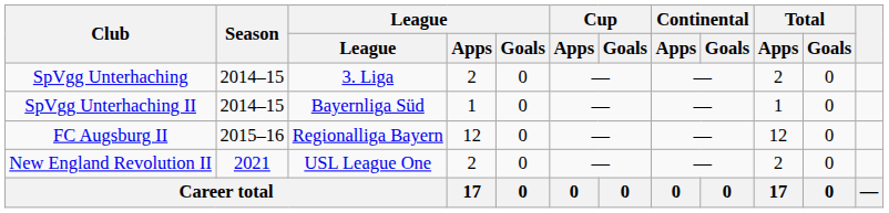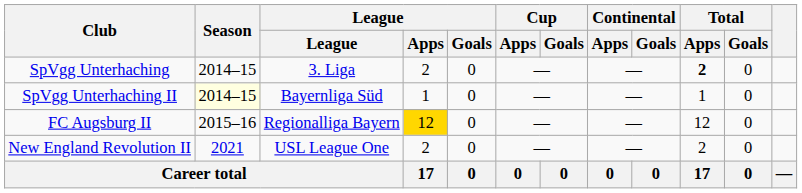 <table class="wikitable" style="text-align:center">
 <tr>
 <th rowspan="2">Club</th>
 <th rowspan="2">Season</th>
 <th colspan="3">League</th>
 <th colspan="2">Cup</th>
 <th colspan="2">Continental</th>
 <th colspan="2">Total</th>
 <th rowspan="2"></th>
 </tr>
 <tr>
 <th>League</th>
 <th>Apps</th>
 <th>Goals</th>
 <th>Apps</th>
 <th>Goals</th>
 <th>Apps</th>
 <th>Goals</th>
 <th>Apps</th>
 <th>Goals</th>
 </tr>
 <tr>
 <td><a href='#'>SpVgg Unterhaching</a></td>
 <td>2014–15</td>
 <td><a href='#'>3. Liga</a></td>
 <td>2</td>
 <td>0</td>
 <td colspan="2">—</td>
 <td colspan="2">—</td>
-<td>2</td>
+<td><strong>2</strong></td>
 <td>0</td>
 <td></td>
 </tr>
 <tr>
 <td><a href='#'>SpVgg Unterhaching II</a></td>
-<td>2014–15</td>
+<td style="background: lightyellow;">2014–15</td>
 <td><a href='#'>Bayernliga Süd</a></td>
 <td>1</td>
 <td>0</td>
 <td colspan="2">—</td>
 <td colspan="2">—</td>
 <td>1</td>
 <td>0</td>
 <td></td>
 </tr>
 <tr>
 <td><a href='#'>FC Augsburg II</a></td>
 <td>2015–16</td>
 <td><a href='#'>Regionalliga Bayern</a></td>
-<td>12</td>
+<td style="background: gold;">12</td>
 <td>0</td>
 <td colspan="2">—</td>
 <td colspan="2">—</td>
 <td>12</td>
 <td>0</td>
 <td></td>
 </tr>
 <tr>
 <td><a href='#'>New England Revolution II</a></td>
 <td><a href='#'>2021</a></td>
 <td><a href='#'>USL League One</a></td>
 <td>2</td>
 <td>0</td>
 <td colspan="2">—</td>
 <td colspan="2">—</td>
 <td>2</td>
 <td>0</td>
 <td></td>
 </tr>
 <tr>
 <th colspan="3">Career total</th>
 <th>17</th>
 <th>0</th>
 <th>0</th>
 <th>0</th>
 <th>0</th>
 <th>0</th>
 <th>17</th>
 <th>0</th>
 <th>—</th>
 </tr>
 </table>
